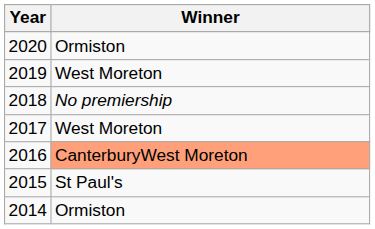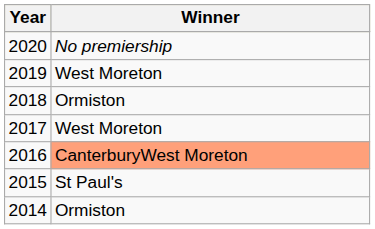 <table class="wikitable">
 <tr bgcolor=#bdb76b>
 <th style="width:2em;">Year</th>
 <th style="width:18em;">Winner</th>
 </tr>
 <tr>
 </tr>
 <tr>
 <td>2020</td>
-<td>Ormiston</td>
+<td><em>No premiership</em></td>
 </tr>
 <tr>
 <td>2019</td>
 <td>West Moreton</td>
 </tr>
 <tr>
 <td>2018</td>
-<td><em>No premiership</em></td>
+<td>Ormiston</td>
 </tr>
 <tr>
 <td>2017</td>
 <td>West Moreton</td>
 </tr>
 <tr>
 <td>2016</td>
 <td style="background: lightsalmon;">CanterburyWest Moreton</td>
 </tr>
 <tr>
 <td>2015</td>
 <td>St Paul's</td>
 </tr>
 <tr>
 <td>2014</td>
 <td>Ormiston</td>
 </tr>
 </table>
